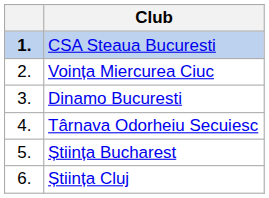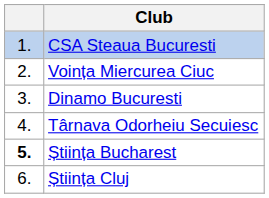 <table class="wikitable">
 <tr>
 <th width="30"></th>
 <th width="200">Club</th>
 </tr>
 <tr bgcolor="#BCD2EE" align="center">
-<td><strong>1.</strong></td>
+<td>1.</td>
 <td align="left"><a href='#'>CSA Steaua Bucuresti</a></td>
 </tr>
 <tr bgcolor="#FFFFFF" align="center">
 <td>2.</td>
 <td align="left"><a href='#'>Voința Miercurea Ciuc</a></td>
 </tr>
 <tr bgcolor="#FFFFFF" align="center">
 <td>3.</td>
 <td align="left"><a href='#'>Dinamo Bucuresti</a></td>
 </tr>
 <tr bgcolor="#FFFFFF" align="center">
 <td>4.</td>
 <td align="left"><a href='#'>Târnava Odorheiu Secuiesc</a></td>
 </tr>
 <tr bgcolor="#FFFFFF" align="center">
-<td>5.</td>
+<td><strong>5.</strong></td>
 <td align="left"><a href='#'>Știința Bucharest</a></td>
 </tr>
 <tr bgcolor="#FFFFFF" align="center">
 <td>6.</td>
 <td align="left"><a href='#'>Știința Cluj</a></td>
 </tr>
 </table>
